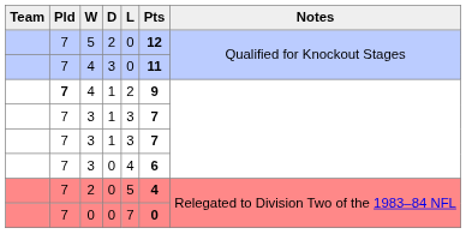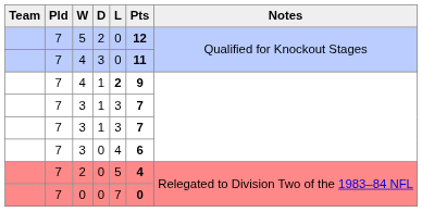 <table style=border-collapse:collapse border=1 cellspacing=0 cellpadding=5>
 <tr align=center bgcolor=#efefef>
 <th>Team</th>
 <th>Pld</th>
 <th>W</th>
 <th>D</th>
 <th>L</th>
 <th>Pts</th>
 <th>Notes</th>
 </tr>
 <tr align=center style="background:#bbccff;">
 <td style="text-align:left;"> </td>
 <td>7</td>
 <td>5</td>
 <td>2</td>
 <td>0</td>
 <td><strong>12</strong></td>
 <td rowspan=2>Qualified for Knockout Stages</td>
 </tr>
 <tr align=center style="background:#bbccff;">
 <td style="text-align:left;"> </td>
 <td>7</td>
 <td>4</td>
 <td>3</td>
 <td>0</td>
 <td><strong>11</strong></td>
 </tr>
 <tr align=center style="background:#FFFFFF;">
 <td style="text-align:left;"> </td>
-<td><strong>7</strong></td>
+<td>7</td>
 <td>4</td>
 <td>1</td>
-<td>2</td>
+<td><strong>2</strong></td>
 <td><strong>9</strong></td>
 <td rowspan=4></td>
 </tr>
 <tr align=center style="background:#FFFFFF;">
 <td style="text-align:left;"> </td>
 <td>7</td>
 <td>3</td>
 <td>1</td>
 <td>3</td>
 <td><strong>7</strong></td>
 </tr>
 <tr align=center style="background:#FFFFFF;">
 <td style="text-align:left;"> </td>
 <td>7</td>
 <td>3</td>
 <td>1</td>
 <td>3</td>
 <td><strong>7</strong></td>
 </tr>
 <tr align=center style="background:#FFFFFF;">
 <td style="text-align:left;"> </td>
 <td>7</td>
 <td>3</td>
 <td>0</td>
 <td>4</td>
 <td><strong>6</strong></td>
 </tr>
 <tr align=center style="background:#FF8888;">
 <td style="text-align:left;"> </td>
 <td>7</td>
 <td>2</td>
 <td>0</td>
 <td>5</td>
 <td><strong>4</strong></td>
 <td rowspan=2>Relegated to Division Two of the <a href='#'>1983–84 NFL</a></td>
 </tr>
 <tr align=center style="background:#FF8888;">
 <td style="text-align:left;"> </td>
 <td>7</td>
 <td>0</td>
 <td>0</td>
 <td>7</td>
 <td><strong>0</strong></td>
 </tr>
 </table>
